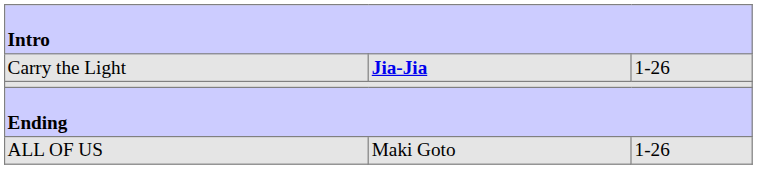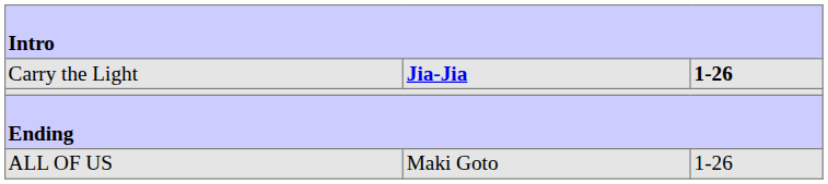 <table border="1px solid" style="border-collapse: collapse;" cellspacing="2px" cellpadding="2px" width="100%">
 <tr bgcolor="#ccccff">
 <td colspan=4><br><strong>Intro</strong></td>
 </tr>
 <tr bgcolor="#e5e5e5">
 <td>Carry the Light</td>
 <td><strong><a href='#'>Jia-Jia</a></strong></td>
-<td>1-26</td>
+<td><strong>1-26</strong></td>
 </tr>
 <tr bgcolor="#e5e5e5">
 <td colspan=4></td>
 </tr>
 <tr bgcolor="#ccccff">
 <td colspan=4><br><strong>Ending</strong></td>
 </tr>
 <tr bgcolor="#e5e5e5">
 <td>ALL OF US</td>
 <td>Maki Goto</td>
 <td>1-26</td>
 </tr>
 </table>
